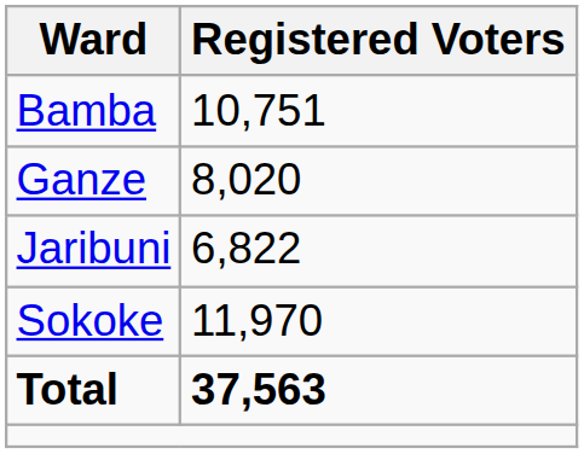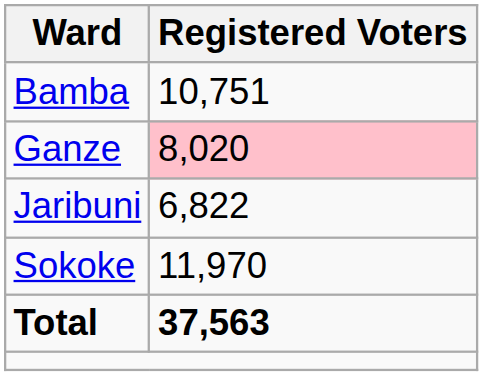 <table class="wikitable">
 <tr>
 <th>Ward</th>
 <th>Registered Voters</th>
 </tr>
 <tr>
 <td><a href='#'>Bamba</a></td>
 <td>10,751</td>
 </tr>
 <tr>
 <td><a href='#'>Ganze</a></td>
-<td>8,020</td>
+<td style="background: pink;">8,020</td>
 </tr>
 <tr>
 <td><a href='#'>Jaribuni</a></td>
 <td>6,822</td>
 </tr>
 <tr>
 <td><a href='#'>Sokoke</a></td>
 <td>11,970</td>
 </tr>
 <tr>
 <td><strong>Total</strong></td>
 <td><strong>37,563</strong></td>
 </tr>
 <tr>
 <td colspan="2"></td>
 </tr>
 </table>
